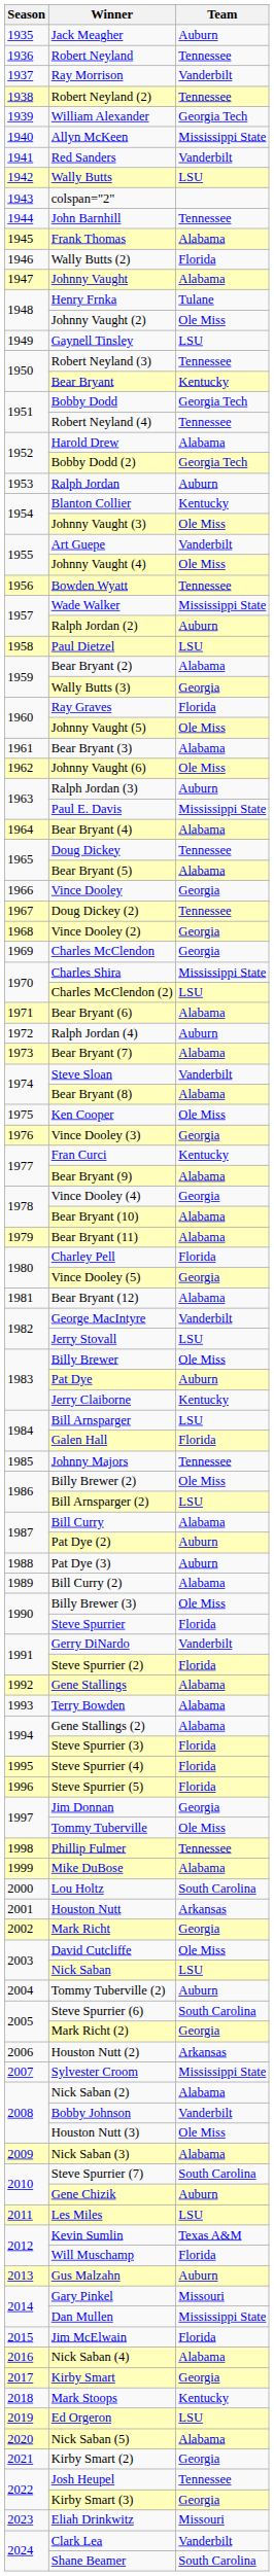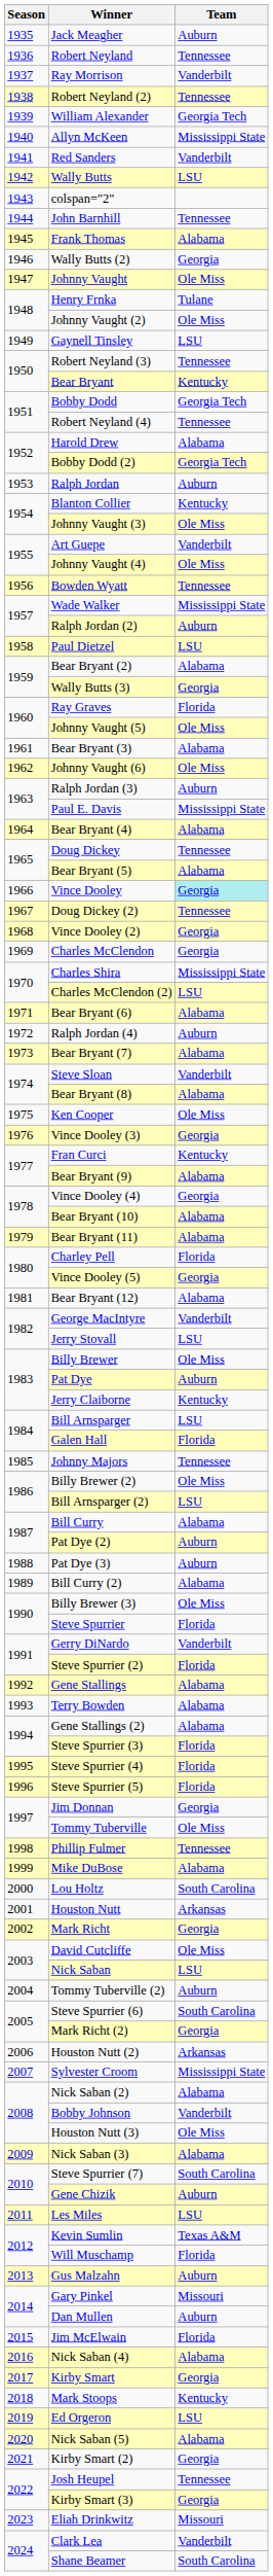 <table class="wikitable sortable">
 <tr>
 <th>Season</th>
 <th>Winner</th>
 <th>Team</th>
 </tr>
 <tr>
 <td><a href='#'>1935</a></td>
 <td><a href='#'>Jack Meagher</a></td>
 <td><a href='#'>Auburn</a></td>
 </tr>
 <tr>
 <td><a href='#'>1936</a></td>
 <td><a href='#'>Robert Neyland</a></td>
 <td><a href='#'>Tennessee</a></td>
 </tr>
 <tr>
 <td><a href='#'>1937</a></td>
 <td><a href='#'>Ray Morrison</a></td>
 <td><a href='#'>Vanderbilt</a></td>
 </tr>
 <tr bgcolor=#FFB>
 <td><a href='#'>1938</a></td>
 <td>Robert Neyland (2)</td>
 <td><a href='#'>Tennessee</a></td>
 </tr>
 <tr>
 <td><a href='#'>1939</a></td>
 <td><a href='#'>William Alexander</a></td>
 <td><a href='#'>Georgia Tech</a></td>
 </tr>
 <tr>
 <td><a href='#'>1940</a></td>
 <td><a href='#'>Allyn McKeen</a></td>
 <td><a href='#'>Mississippi State</a></td>
 </tr>
 <tr>
 <td><a href='#'>1941</a></td>
 <td><a href='#'>Red Sanders</a></td>
 <td><a href='#'>Vanderbilt</a></td>
 </tr>
 <tr bgcolor=#FFB>
 <td><a href='#'>1942</a></td>
 <td><a href='#'>Wally Butts</a></td>
 <td><a href='#'>LSU</a></td>
 </tr>
 <tr>
 <td><a href='#'>1943</a></td>
 <td>colspan="2" </td>
 </tr>
 <tr>
 <td><a href='#'>1944</a></td>
 <td><a href='#'>John Barnhill</a></td>
 <td><a href='#'>Tennessee</a></td>
 </tr>
 <tr bgcolor=#FFB>
 <td>1945</td>
 <td><a href='#'>Frank Thomas</a></td>
 <td><a href='#'>Alabama</a></td>
 </tr>
 <tr>
 <td>1946</td>
 <td>Wally Butts (2)</td>
-<td><a href='#'>Florida</a></td>
+<td><a href='#'>Georgia</a></td>
 </tr>
 <tr bgcolor=#FFB>
 <td>1947</td>
 <td><a href='#'>Johnny Vaught</a></td>
-<td><a href='#'>Alabama</a></td>
+<td><a href='#'>Ole Miss</a></td>
 </tr>
 <tr>
 <td rowspan="2">1948</td>
 <td><a href='#'>Henry Frnka</a></td>
 <td><a href='#'>Tulane</a></td>
 </tr>
 <tr>
 <td>Johnny Vaught (2)</td>
 <td><a href='#'>Ole Miss</a></td>
 </tr>
 <tr>
 <td>1949</td>
 <td><a href='#'>Gaynell Tinsley</a></td>
 <td><a href='#'>LSU</a></td>
 </tr>
 <tr>
 <td rowspan="2">1950</td>
 <td>Robert Neyland (3)</td>
 <td><a href='#'>Tennessee</a></td>
 </tr>
 <tr bgcolor=#FFB>
 <td><a href='#'>Bear Bryant</a></td>
 <td><a href='#'>Kentucky</a></td>
 </tr>
 <tr>
 <td rowspan="2">1951</td>
 <td><a href='#'>Bobby Dodd</a></td>
 <td><a href='#'>Georgia Tech</a></td>
 </tr>
 <tr>
 <td>Robert Neyland (4)</td>
 <td><a href='#'>Tennessee</a></td>
 </tr>
 <tr>
 <td rowspan="2">1952</td>
 <td><a href='#'>Harold Drew</a></td>
 <td><a href='#'>Alabama</a></td>
 </tr>
 <tr bgcolor=#FFB>
 <td>Bobby Dodd (2)</td>
 <td><a href='#'>Georgia Tech</a></td>
 </tr>
 <tr>
 <td>1953</td>
 <td><a href='#'>Ralph Jordan</a></td>
 <td><a href='#'>Auburn</a></td>
 </tr>
 <tr>
 <td rowspan="2">1954</td>
 <td><a href='#'>Blanton Collier</a></td>
 <td><a href='#'>Kentucky</a></td>
 </tr>
 <tr bgcolor=#FFB>
 <td>Johnny Vaught (3)</td>
 <td><a href='#'>Ole Miss</a></td>
 </tr>
 <tr>
 <td rowspan="2">1955</td>
 <td><a href='#'>Art Guepe</a></td>
 <td><a href='#'>Vanderbilt</a></td>
 </tr>
 <tr bgcolor=#FFB>
 <td>Johnny Vaught (4)</td>
 <td><a href='#'>Ole Miss</a></td>
 </tr>
 <tr bgcolor=#FFB>
 <td>1956</td>
 <td><a href='#'>Bowden Wyatt</a></td>
 <td><a href='#'>Tennessee</a></td>
 </tr>
 <tr>
 <td rowspan="2">1957</td>
 <td><a href='#'>Wade Walker</a></td>
 <td><a href='#'>Mississippi State</a></td>
 </tr>
 <tr bgcolor=#FFB>
 <td>Ralph Jordan (2)</td>
 <td><a href='#'>Auburn</a></td>
 </tr>
 <tr bgcolor=#FFB>
 <td>1958</td>
 <td><a href='#'>Paul Dietzel</a></td>
 <td><a href='#'>LSU</a></td>
 </tr>
 <tr>
 <td rowspan="2">1959</td>
 <td>Bear Bryant (2)</td>
 <td><a href='#'>Alabama</a></td>
 </tr>
 <tr bgcolor=#FFB>
 <td>Wally Butts (3)</td>
 <td><a href='#'>Georgia</a></td>
 </tr>
 <tr>
 <td rowspan="2">1960</td>
 <td><a href='#'>Ray Graves</a></td>
 <td><a href='#'>Florida</a></td>
 </tr>
 <tr bgcolor=#FFB>
 <td>Johnny Vaught (5)</td>
 <td><a href='#'>Ole Miss</a></td>
 </tr>
 <tr>
 <td>1961</td>
 <td>Bear Bryant (3)</td>
 <td><a href='#'>Alabama</a></td>
 </tr>
 <tr bgcolor=#FFB>
 <td>1962</td>
 <td>Johnny Vaught (6)</td>
 <td><a href='#'>Ole Miss</a></td>
 </tr>
 <tr>
 <td rowspan="2">1963</td>
 <td>Ralph Jordan (3)</td>
 <td><a href='#'>Auburn</a></td>
 </tr>
 <tr>
 <td><a href='#'>Paul E. Davis</a></td>
 <td><a href='#'>Mississippi State</a></td>
 </tr>
 <tr bgcolor=#FFB>
 <td>1964</td>
 <td>Bear Bryant (4)</td>
 <td><a href='#'>Alabama</a></td>
 </tr>
 <tr>
 <td rowspan="2">1965</td>
 <td><a href='#'>Doug Dickey</a></td>
 <td><a href='#'>Tennessee</a></td>
 </tr>
 <tr bgcolor=#FFB>
 <td>Bear Bryant (5)</td>
 <td><a href='#'>Alabama</a></td>
 </tr>
 <tr>
 <td>1966</td>
 <td><a href='#'>Vince Dooley</a></td>
-<td><a href='#'>Georgia</a></td>
+<td style="background: paleturquoise;"><a href='#'>Georgia</a></td>
 </tr>
 <tr bgcolor=#FFB>
 <td>1967</td>
 <td>Doug Dickey (2)</td>
 <td><a href='#'>Tennessee</a></td>
 </tr>
 <tr bgcolor=#FFB>
 <td>1968</td>
 <td>Vince Dooley (2)</td>
 <td><a href='#'>Georgia</a></td>
 </tr>
 <tr>
 <td>1969</td>
 <td><a href='#'>Charles McClendon</a></td>
 <td><a href='#'>Georgia</a></td>
 </tr>
 <tr>
 <td rowspan="2">1970</td>
 <td><a href='#'>Charles Shira</a></td>
 <td><a href='#'>Mississippi State</a></td>
 </tr>
 <tr bgcolor=#FFB>
 <td>Charles McClendon (2)</td>
 <td><a href='#'>LSU</a></td>
 </tr>
 <tr bgcolor=#FFB>
 <td>1971</td>
 <td>Bear Bryant (6)</td>
 <td><a href='#'>Alabama</a></td>
 </tr>
 <tr>
 <td>1972</td>
 <td>Ralph Jordan (4)</td>
 <td><a href='#'>Auburn</a></td>
 </tr>
 <tr bgcolor=#FFB>
 <td>1973</td>
 <td>Bear Bryant (7)</td>
 <td><a href='#'>Alabama</a></td>
 </tr>
 <tr>
 <td rowspan="2">1974</td>
 <td><a href='#'>Steve Sloan</a></td>
 <td><a href='#'>Vanderbilt</a></td>
 </tr>
 <tr bgcolor=#FFB>
 <td>Bear Bryant (8)</td>
 <td><a href='#'>Alabama</a></td>
 </tr>
 <tr>
 <td>1975</td>
 <td><a href='#'>Ken Cooper</a></td>
 <td><a href='#'>Ole Miss</a></td>
 </tr>
 <tr bgcolor=#FFB>
 <td>1976</td>
 <td>Vince Dooley (3)</td>
 <td><a href='#'>Georgia</a></td>
 </tr>
 <tr>
 <td rowspan="2">1977</td>
 <td><a href='#'>Fran Curci</a></td>
 <td><a href='#'>Kentucky</a></td>
 </tr>
 <tr bgcolor=#FFB>
 <td>Bear Bryant (9)</td>
 <td><a href='#'>Alabama</a></td>
 </tr>
 <tr>
 <td rowspan="2">1978</td>
 <td>Vince Dooley (4)</td>
 <td><a href='#'>Georgia</a></td>
 </tr>
 <tr bgcolor=#FFB>
 <td>Bear Bryant (10)</td>
 <td><a href='#'>Alabama</a></td>
 </tr>
 <tr bgcolor=#FFB>
 <td>1979</td>
 <td>Bear Bryant (11)</td>
 <td><a href='#'>Alabama</a></td>
 </tr>
 <tr>
 <td rowspan="2">1980</td>
 <td><a href='#'>Charley Pell</a></td>
 <td><a href='#'>Florida</a></td>
 </tr>
 <tr bgcolor=#FFB>
 <td>Vince Dooley (5)</td>
 <td><a href='#'>Georgia</a></td>
 </tr>
 <tr>
 <td>1981</td>
 <td>Bear Bryant (12)</td>
 <td><a href='#'>Alabama</a></td>
 </tr>
 <tr>
 <td rowspan="2">1982</td>
 <td><a href='#'>George MacIntyre</a></td>
 <td><a href='#'>Vanderbilt</a></td>
 </tr>
 <tr>
 <td><a href='#'>Jerry Stovall</a></td>
 <td><a href='#'>LSU</a></td>
 </tr>
 <tr>
 <td rowspan="3">1983</td>
 <td><a href='#'>Billy Brewer</a></td>
 <td><a href='#'>Ole Miss</a></td>
 </tr>
 <tr bgcolor=#FFB>
 <td><a href='#'>Pat Dye</a></td>
 <td><a href='#'>Auburn</a></td>
 </tr>
 <tr>
 <td><a href='#'>Jerry Claiborne</a></td>
 <td><a href='#'>Kentucky</a></td>
 </tr>
 <tr>
 <td rowspan="2">1984</td>
 <td><a href='#'>Bill Arnsparger</a></td>
 <td><a href='#'>LSU</a></td>
 </tr>
 <tr bgcolor=#FFB>
 <td><a href='#'>Galen Hall</a></td>
 <td><a href='#'>Florida</a></td>
 </tr>
 <tr>
 <td>1985</td>
 <td><a href='#'>Johnny Majors</a></td>
 <td><a href='#'>Tennessee</a></td>
 </tr>
 <tr>
 <td rowspan="2">1986</td>
 <td>Billy Brewer (2)</td>
 <td><a href='#'>Ole Miss</a></td>
 </tr>
 <tr bgcolor=#FFB>
 <td>Bill Arnsparger (2)</td>
 <td><a href='#'>LSU</a></td>
 </tr>
 <tr>
 <td rowspan="2">1987</td>
 <td><a href='#'>Bill Curry</a></td>
 <td><a href='#'>Alabama</a></td>
 </tr>
 <tr bgcolor=#FFB>
 <td>Pat Dye (2)</td>
 <td><a href='#'>Auburn</a></td>
 </tr>
 <tr>
 <td>1988</td>
 <td>Pat Dye (3)</td>
 <td><a href='#'>Auburn</a></td>
 </tr>
 <tr>
 <td>1989</td>
 <td>Bill Curry (2)</td>
 <td><a href='#'>Alabama</a></td>
 </tr>
 <tr>
 <td rowspan="2">1990</td>
 <td>Billy Brewer (3)</td>
 <td><a href='#'>Ole Miss</a></td>
 </tr>
 <tr>
 <td><a href='#'>Steve Spurrier</a></td>
 <td><a href='#'>Florida</a></td>
 </tr>
 <tr>
 <td rowspan="2">1991</td>
 <td><a href='#'>Gerry DiNardo</a></td>
 <td><a href='#'>Vanderbilt</a></td>
 </tr>
 <tr bgcolor=#FFB>
 <td>Steve Spurrier (2)</td>
 <td><a href='#'>Florida</a></td>
 </tr>
 <tr bgcolor=#FFB>
 <td>1992</td>
 <td><a href='#'>Gene Stallings</a></td>
 <td><a href='#'>Alabama</a></td>
 </tr>
 <tr>
 <td>1993</td>
 <td><a href='#'>Terry Bowden</a></td>
 <td><a href='#'>Alabama</a></td>
 </tr>
 <tr>
 <td rowspan="2">1994</td>
 <td>Gene Stallings (2)</td>
 <td><a href='#'>Alabama</a></td>
 </tr>
 <tr bgcolor=#FFB>
 <td>Steve Spurrier (3)</td>
 <td><a href='#'>Florida</a></td>
 </tr>
 <tr bgcolor=#FFB>
 <td>1995</td>
 <td>Steve Spurrier (4)</td>
 <td><a href='#'>Florida</a></td>
 </tr>
 <tr bgcolor=#FFB>
 <td>1996</td>
 <td>Steve Spurrier (5)</td>
 <td><a href='#'>Florida</a></td>
 </tr>
 <tr>
 <td rowspan="2">1997</td>
 <td><a href='#'>Jim Donnan</a></td>
 <td><a href='#'>Georgia</a></td>
 </tr>
 <tr>
 <td><a href='#'>Tommy Tuberville</a></td>
 <td><a href='#'>Ole Miss</a></td>
 </tr>
 <tr bgcolor=#FFB>
 <td>1998</td>
 <td><a href='#'>Phillip Fulmer</a></td>
 <td><a href='#'>Tennessee</a></td>
 </tr>
 <tr bgcolor=#FFB>
 <td>1999</td>
 <td><a href='#'>Mike DuBose</a></td>
 <td><a href='#'>Alabama</a></td>
 </tr>
 <tr>
 <td>2000</td>
 <td><a href='#'>Lou Holtz</a></td>
 <td><a href='#'>South Carolina</a></td>
 </tr>
 <tr>
 <td>2001</td>
 <td><a href='#'>Houston Nutt</a></td>
 <td><a href='#'>Arkansas</a></td>
 </tr>
 <tr bgcolor=#FFB>
 <td>2002</td>
 <td><a href='#'>Mark Richt</a></td>
 <td><a href='#'>Georgia</a></td>
 </tr>
 <tr>
 <td rowspan="2">2003</td>
 <td><a href='#'>David Cutcliffe</a></td>
 <td><a href='#'>Ole Miss</a></td>
 </tr>
 <tr bgcolor=#FFB>
 <td><a href='#'>Nick Saban</a></td>
 <td><a href='#'>LSU</a></td>
 </tr>
 <tr>
 <td>2004</td>
 <td>Tommy Tuberville (2)</td>
 <td><a href='#'>Auburn</a></td>
 </tr>
 <tr>
 <td rowspan="2">2005</td>
 <td>Steve Spurrier (6)</td>
 <td><a href='#'>South Carolina</a></td>
 </tr>
 <tr bgcolor=#FFB>
 <td>Mark Richt (2)</td>
 <td><a href='#'>Georgia</a></td>
 </tr>
 <tr>
 <td>2006</td>
 <td>Houston Nutt (2)</td>
 <td><a href='#'>Arkansas</a></td>
 </tr>
 <tr>
 <td><a href='#'>2007</a></td>
 <td><a href='#'>Sylvester Croom</a></td>
 <td><a href='#'>Mississippi State</a></td>
 </tr>
 <tr>
 <td rowspan="3"><a href='#'>2008</a></td>
 <td>Nick Saban (2)</td>
 <td><a href='#'>Alabama</a></td>
 </tr>
 <tr>
 <td><a href='#'>Bobby Johnson</a></td>
 <td><a href='#'>Vanderbilt</a></td>
 </tr>
 <tr>
 <td>Houston Nutt (3)</td>
 <td><a href='#'>Ole Miss</a></td>
 </tr>
 <tr bgcolor=#FFB>
 <td><a href='#'>2009</a></td>
 <td>Nick Saban (3)</td>
 <td><a href='#'>Alabama</a></td>
 </tr>
 <tr>
 <td rowspan="2"><a href='#'>2010</a></td>
 <td>Steve Spurrier (7)</td>
 <td><a href='#'>South Carolina</a></td>
 </tr>
 <tr bgcolor=#FFB>
 <td><a href='#'>Gene Chizik</a></td>
 <td><a href='#'>Auburn</a></td>
 </tr>
 <tr bgcolor=#FFB>
 <td><a href='#'>2011</a></td>
 <td><a href='#'>Les Miles</a></td>
 <td><a href='#'>LSU</a></td>
 </tr>
 <tr>
 <td rowspan="2"><a href='#'>2012</a></td>
 <td><a href='#'>Kevin Sumlin</a></td>
 <td><a href='#'>Texas A&M</a></td>
 </tr>
 <tr>
 <td><a href='#'>Will Muschamp</a></td>
 <td><a href='#'>Florida</a></td>
 </tr>
 <tr bgcolor=#FFB>
 <td><a href='#'>2013</a></td>
 <td><a href='#'>Gus Malzahn</a></td>
 <td><a href='#'>Auburn</a></td>
 </tr>
 <tr>
 <td rowspan="2"><a href='#'>2014</a></td>
 <td><a href='#'>Gary Pinkel</a></td>
 <td><a href='#'>Missouri</a></td>
 </tr>
 <tr>
 <td><a href='#'>Dan Mullen</a></td>
-<td><a href='#'>Mississippi State</a></td>
+<td><a href='#'>Auburn</a></td>
 </tr>
 <tr>
 <td><a href='#'>2015</a></td>
 <td><a href='#'>Jim McElwain</a></td>
 <td><a href='#'>Florida</a></td>
 </tr>
 <tr bgcolor=#FFB>
 <td><a href='#'>2016</a></td>
 <td>Nick Saban (4)</td>
 <td><a href='#'>Alabama</a></td>
 </tr>
 <tr bgcolor=#FFB>
 <td><a href='#'>2017</a></td>
 <td><a href='#'>Kirby Smart</a></td>
 <td><a href='#'>Georgia</a></td>
 </tr>
 <tr>
 <td><a href='#'>2018</a></td>
 <td><a href='#'>Mark Stoops</a></td>
 <td><a href='#'>Kentucky</a></td>
 </tr>
 <tr bgcolor=#FFB>
 <td><a href='#'>2019</a></td>
 <td><a href='#'>Ed Orgeron</a></td>
 <td><a href='#'>LSU</a></td>
 </tr>
 <tr bgcolor=#FFB>
 <td><a href='#'>2020</a></td>
 <td>Nick Saban (5)</td>
 <td><a href='#'>Alabama</a></td>
 </tr>
 <tr>
 <td><a href='#'>2021</a></td>
 <td>Kirby Smart (2)</td>
 <td><a href='#'>Georgia</a></td>
 </tr>
 <tr>
 <td rowspan="2"><a href='#'>2022</a></td>
 <td><a href='#'>Josh Heupel</a></td>
 <td><a href='#'>Tennessee</a></td>
 </tr>
 <tr bgcolor=#FFB>
 <td>Kirby Smart (3)</td>
 <td><a href='#'>Georgia</a></td>
 </tr>
 <tr>
 <td><a href='#'>2023</a></td>
 <td><a href='#'>Eliah Drinkwitz</a></td>
 <td><a href='#'>Missouri</a></td>
 </tr>
 <tr>
 <td rowspan="2"><a href='#'>2024</a></td>
 <td><a href='#'>Clark Lea</a></td>
 <td><a href='#'>Vanderbilt</a></td>
 </tr>
 <tr>
 <td><a href='#'>Shane Beamer</a></td>
 <td><a href='#'>South Carolina</a></td>
 </tr>
 </table>
